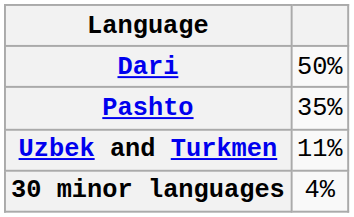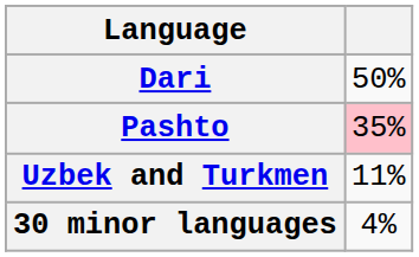 <table class="wikitable">
 <tr>
 <th>Language</th>
 <th></th>
 </tr>
 <tr style="text-align:center;">
 <th><a href='#'>Dari</a></th>
 <td>50%</td>
 </tr>
 <tr style="text-align:center;">
 <th><a href='#'>Pashto</a></th>
-<td>35%</td>
+<td style="background: pink;">35%</td>
 </tr>
 <tr style="text-align:center;">
 <th><a href='#'>Uzbek</a> and <a href='#'>Turkmen</a></th>
 <td>11%</td>
 </tr>
 <tr style="text-align:center;">
 <th>30 minor languages</th>
 <td>4%</td>
 </tr>
 </table>
